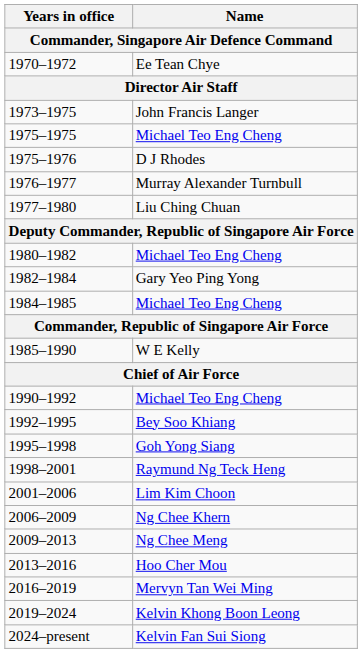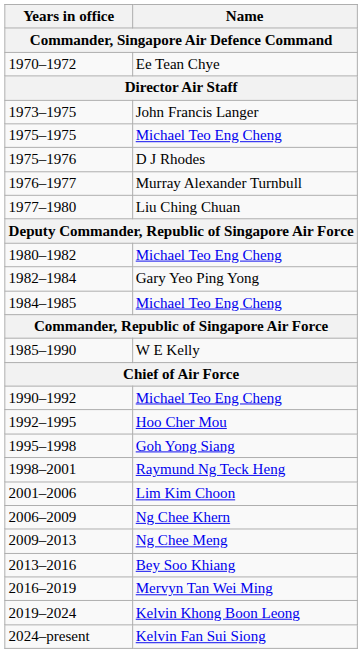 <table class="wikitable" style="margin:auto;font-align:center;">
 <tr>
 <th>Years in office</th>
 <th>Name</th>
 </tr>
 <tr>
 <th colspan="2">Commander, Singapore Air Defence Command</th>
 </tr>
 <tr>
 <td>1970–1972</td>
 <td>Ee Tean Chye</td>
 </tr>
 <tr>
 <th colspan="2">Director Air Staff</th>
 </tr>
 <tr>
 <td>1973–1975</td>
 <td>John Francis Langer</td>
 </tr>
 <tr>
 <td>1975–1975</td>
 <td><a href='#'>Michael Teo Eng Cheng</a></td>
 </tr>
 <tr>
 <td>1975–1976</td>
 <td>D J Rhodes</td>
 </tr>
 <tr>
 <td>1976–1977</td>
 <td>Murray Alexander Turnbull</td>
 </tr>
 <tr>
 <td>1977–1980</td>
 <td>Liu Ching Chuan</td>
 </tr>
 <tr>
 <th colspan="2">Deputy Commander, Republic of Singapore Air Force</th>
 </tr>
 <tr>
 <td>1980–1982</td>
 <td><a href='#'>Michael Teo Eng Cheng</a></td>
 </tr>
 <tr>
 <td>1982–1984</td>
 <td>Gary Yeo Ping Yong</td>
 </tr>
 <tr>
 <td>1984–1985</td>
 <td><a href='#'>Michael Teo Eng Cheng</a></td>
 </tr>
 <tr>
 <th colspan="2">Commander, Republic of Singapore Air Force</th>
 </tr>
 <tr>
 <td>1985–1990</td>
 <td>W E Kelly</td>
 </tr>
 <tr>
 <th colspan="2">Chief of Air Force</th>
 </tr>
 <tr>
 <td>1990–1992</td>
 <td><a href='#'>Michael Teo Eng Cheng</a></td>
 </tr>
 <tr>
 <td>1992–1995</td>
-<td><a href='#'>Bey Soo Khiang</a></td>
+<td><a href='#'>Hoo Cher Mou</a></td>
 </tr>
 <tr>
 <td>1995–1998</td>
 <td><a href='#'>Goh Yong Siang</a></td>
 </tr>
 <tr>
 <td>1998–2001</td>
 <td><a href='#'>Raymund Ng Teck Heng</a></td>
 </tr>
 <tr>
 <td>2001–2006</td>
 <td><a href='#'>Lim Kim Choon</a></td>
 </tr>
 <tr>
 <td>2006–2009</td>
 <td><a href='#'>Ng Chee Khern</a></td>
 </tr>
 <tr>
 <td>2009–2013</td>
 <td><a href='#'>Ng Chee Meng</a></td>
 </tr>
 <tr>
 <td>2013–2016</td>
-<td><a href='#'>Hoo Cher Mou</a></td>
+<td><a href='#'>Bey Soo Khiang</a></td>
 </tr>
 <tr>
 <td>2016–2019</td>
 <td><a href='#'>Mervyn Tan Wei Ming</a></td>
 </tr>
 <tr>
 <td>2019–2024</td>
 <td><a href='#'>Kelvin Khong Boon Leong</a></td>
 </tr>
 <tr>
 <td>2024–present</td>
 <td><a href='#'>Kelvin Fan Sui Siong</a></td>
 </tr>
 </table>
